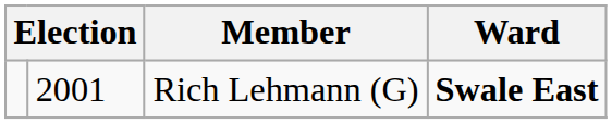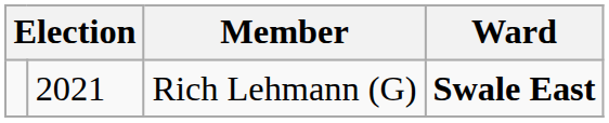 <table class="wikitable">
 <tr>
 <th colspan="2">Election</th>
 <th>Member</th>
 <th>Ward</th>
 </tr>
 <tr>
 <td style="background-color: "></td>
-<td>2001</td>
+<td>2021</td>
 <td>Rich Lehmann (G)</td>
 <td><strong>Swale East</strong></td>
 </tr>
 <tr>
 </tr>
 </table>
